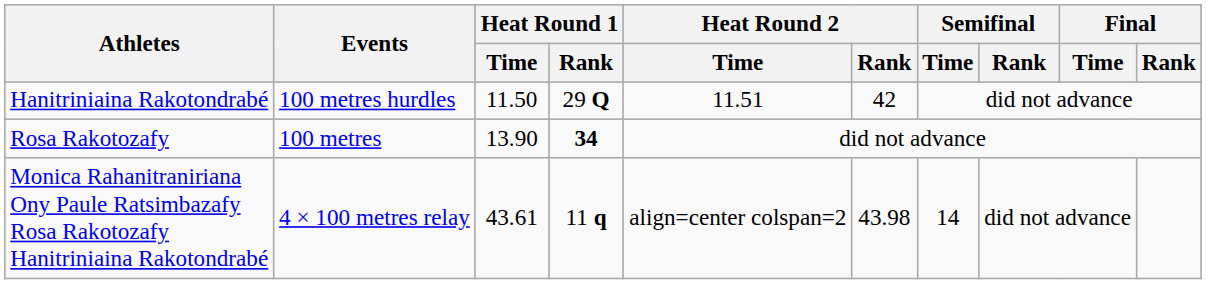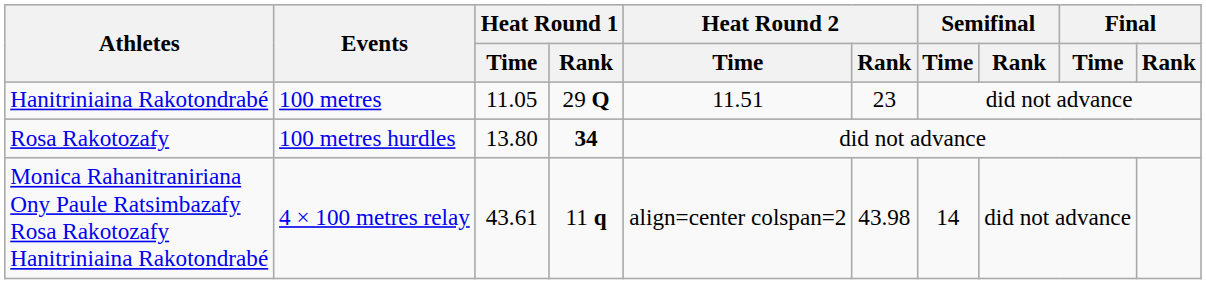 <table class=wikitable style=font-size:90%>
 <tr>
 <th rowspan=2>Athletes</th>
 <th rowspan=2>Events</th>
 <th colspan=2>Heat Round 1</th>
 <th colspan=2>Heat Round 2</th>
 <th colspan=2>Semifinal</th>
 <th colspan=2>Final</th>
 </tr>
 <tr>
 <th>Time</th>
 <th>Rank</th>
 <th>Time</th>
 <th>Rank</th>
 <th>Time</th>
 <th>Rank</th>
 <th>Time</th>
 <th>Rank</th>
 </tr>
 <tr>
 <td><a href='#'>Hanitriniaina Rakotondrabé</a></td>
-<td><a href='#'>100 metres hurdles</a></td>
-<td align=center>11.50</td>
+<td><a href='#'>100 metres</a></td>
+<td align=center>11.05</td>
 <td align=center>29 <strong>Q</strong></td>
 <td align=center>11.51</td>
-<td align=center>42</td>
+<td align=center>23</td>
 <td align=center colspan=4>did not advance</td>
 </tr>
 <tr>
 <td><a href='#'>Rosa Rakotozafy</a></td>
-<td><a href='#'>100 metres</a></td>
-<td align=center>13.90</td>
+<td><a href='#'>100 metres hurdles</a></td>
+<td align=center>13.80</td>
 <td align=center><strong>34</strong></td>
 <td align=center colspan=6>did not advance</td>
 </tr>
 <tr>
 <td><a href='#'>Monica Rahanitraniriana</a><br><a href='#'>Ony Paule Ratsimbazafy</a><br><a href='#'>Rosa Rakotozafy</a><br><a href='#'>Hanitriniaina Rakotondrabé</a></td>
 <td><a href='#'>4 × 100 metres relay</a></td>
 <td align=center>43.61</td>
 <td align=center>11 <strong>q</strong></td>
 <td>align=center colspan=2</td>
 <td align=center>43.98</td>
 <td align=center>14</td>
 <td align=center colspan=2>did not advance</td>
 </tr>
 </table>
